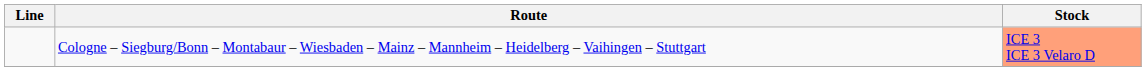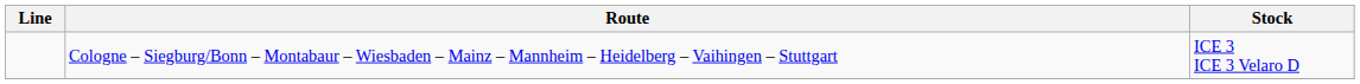 <table class="wikitable" width="100%">
 <tr class="hintergrundfarbe5">
 <th>Line</th>
 <th>Route</th>
 <th>Stock</th>
 </tr>
 <tr>
 <td></td>
 <td><a href='#'>Cologne</a> –  <a href='#'>Siegburg/Bonn</a> – <a href='#'>Montabaur</a> –  <a href='#'>Wiesbaden</a> – <a href='#'>Mainz</a> – <a href='#'>Mannheim</a> – <a href='#'>Heidelberg</a> – <a href='#'>Vaihingen</a> – <a href='#'>Stuttgart</a></td>
-<td style="background: lightsalmon;"><a href='#'>ICE 3</a><br><a href='#'>ICE 3 Velaro D</a></td>
+<td><a href='#'>ICE 3</a><br><a href='#'>ICE 3 Velaro D</a></td>
 </tr>
 <tr>
 </tr>
 </table>
